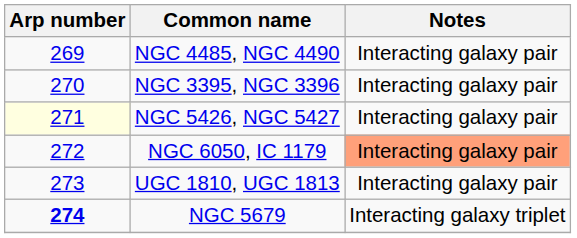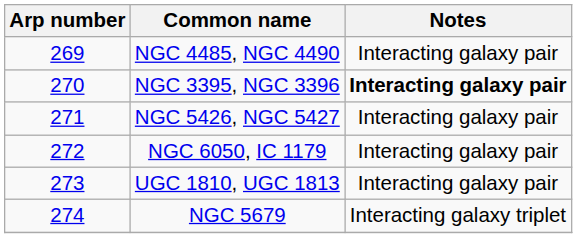 <table class="wikitable" style="text-align:center;">
 <tr>
 <th>Arp number</th>
 <th>Common name</th>
 <th>Notes</th>
 </tr>
 <tr>
 <td><a href='#'>269</a></td>
 <td><a href='#'>NGC 4485</a>, <a href='#'>NGC 4490</a></td>
 <td>Interacting galaxy pair</td>
 </tr>
 <tr>
 <td><a href='#'>270</a></td>
 <td><a href='#'>NGC 3395</a>, <a href='#'>NGC 3396</a></td>
-<td>Interacting galaxy pair</td>
+<td><strong>Interacting galaxy pair</strong></td>
 </tr>
 <tr>
-<td style="background: lightyellow;"><a href='#'>271</a></td>
+<td><a href='#'>271</a></td>
 <td><a href='#'>NGC 5426</a>, <a href='#'>NGC 5427</a></td>
 <td>Interacting galaxy pair</td>
 </tr>
 <tr>
 <td><a href='#'>272</a></td>
 <td><a href='#'>NGC 6050</a>, <a href='#'>IC 1179</a></td>
-<td style="background: lightsalmon;">Interacting galaxy pair</td>
+<td>Interacting galaxy pair</td>
 </tr>
 <tr>
 <td><a href='#'>273</a></td>
 <td><a href='#'>UGC 1810</a>, <a href='#'>UGC 1813</a></td>
 <td>Interacting galaxy pair</td>
 </tr>
 <tr>
-<td><strong><a href='#'>274</a></strong></td>
+<td><a href='#'>274</a></td>
 <td><a href='#'>NGC 5679</a></td>
 <td>Interacting galaxy triplet</td>
 </tr>
 <tr>
 </tr>
 </table>
